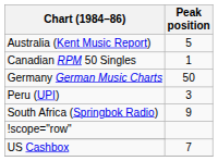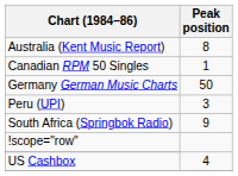 <table class="wikitable sortable">
 <tr>
 <th>Chart (1984–86)</th>
 <th>Peak<br>position</th>
 </tr>
 <tr>
 <td>Australia (<a href='#'>Kent Music Report</a>)</td>
-<td align="center">5</td>
+<td align="center">8</td>
 </tr>
 <tr>
 <td>Canadian <em><a href='#'>RPM</a></em> 50 Singles</td>
 <td align="center">1</td>
 </tr>
 <tr>
 <td>Germany <em><a href='#'>German Music Charts</a></em> </td>
 <td align="center">50</td>
 </tr>
 <tr>
 <td>Peru (<a href='#'>UPI</a>)</td>
 <td align="center">3</td>
 </tr>
 <tr>
 <td>South Africa (<a href='#'>Springbok Radio</a>)</td>
 <td align="center">9</td>
 </tr>
 <tr>
 <td>!scope="row"</td>
 </tr>
 <tr>
 </tr>
 <tr>
 </tr>
 <tr>
 <td>US <a href='#'>Cashbox</a></td>
-<td align="center">7</td>
+<td align="center">4</td>
 </tr>
 <tr>
 </tr>
 <tr>
 </tr>
 </table>
